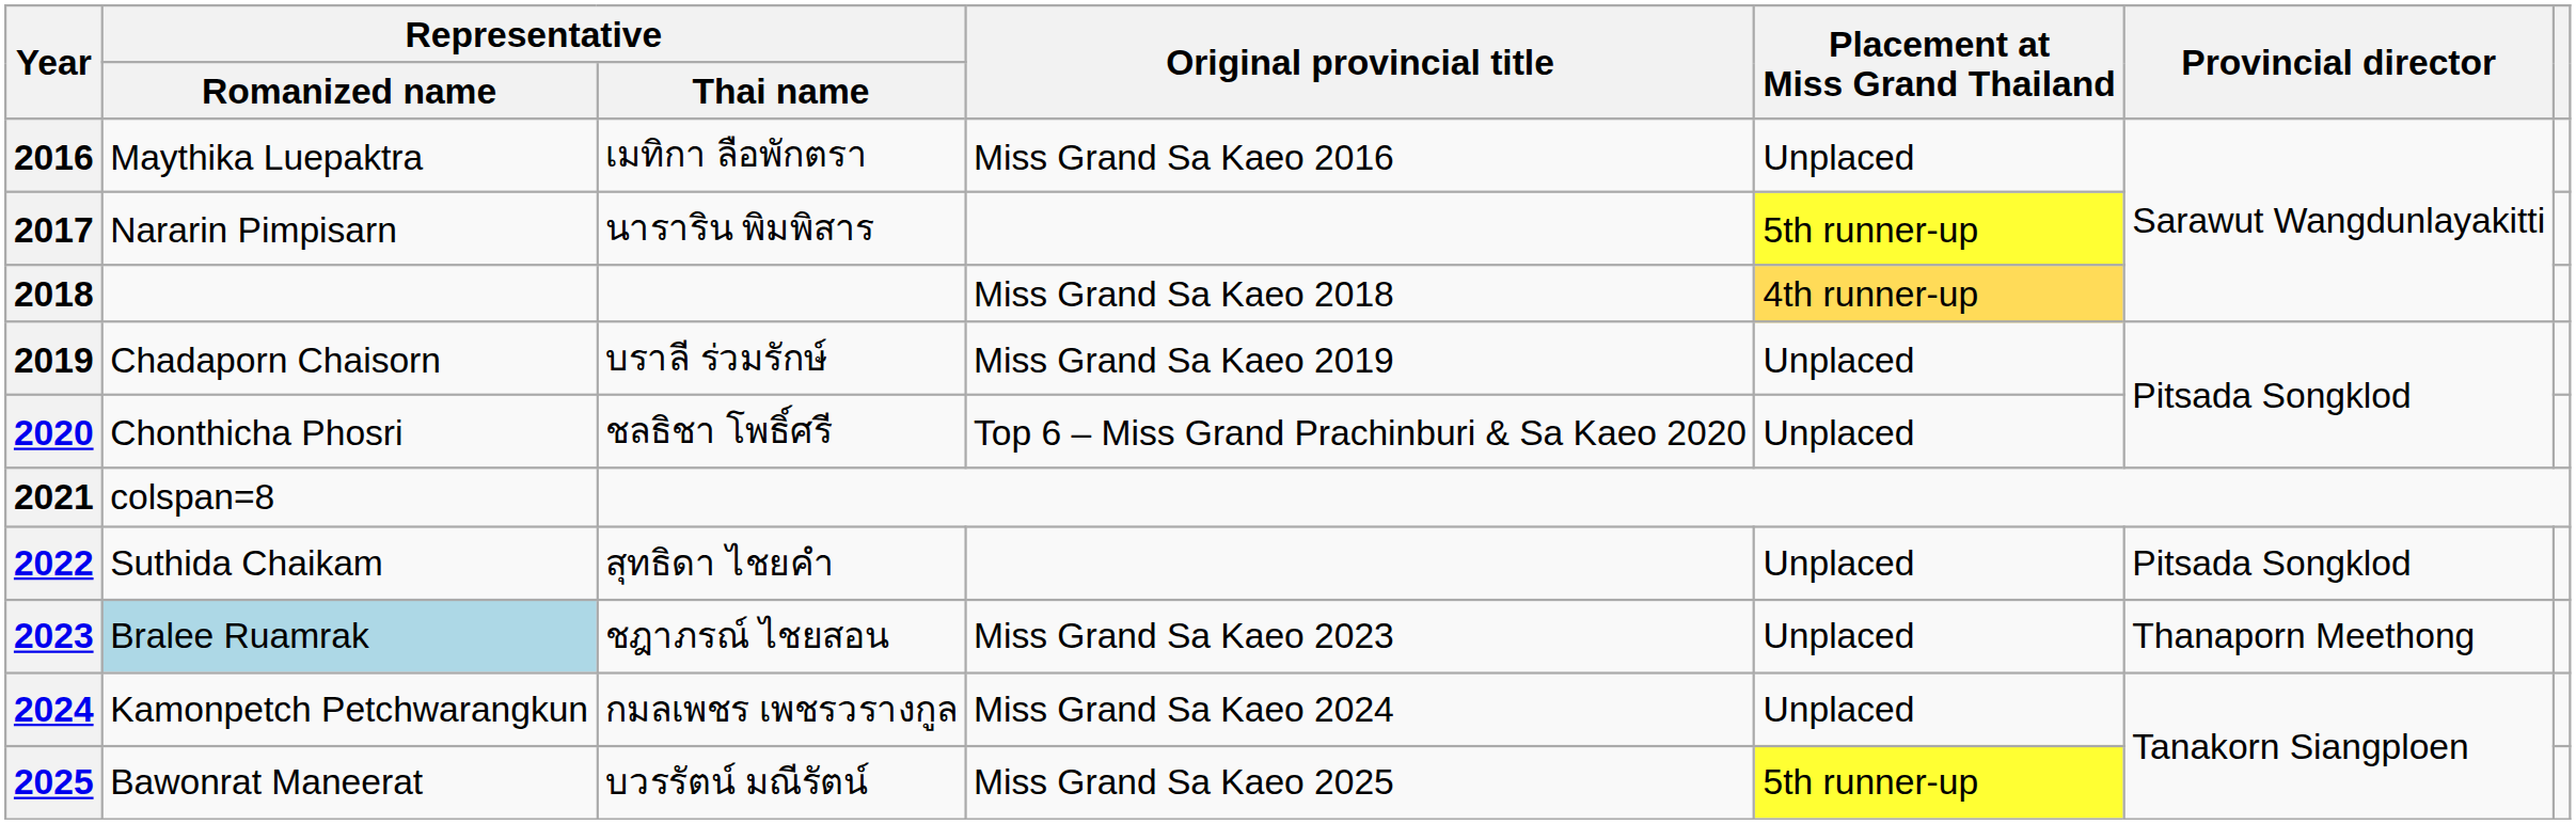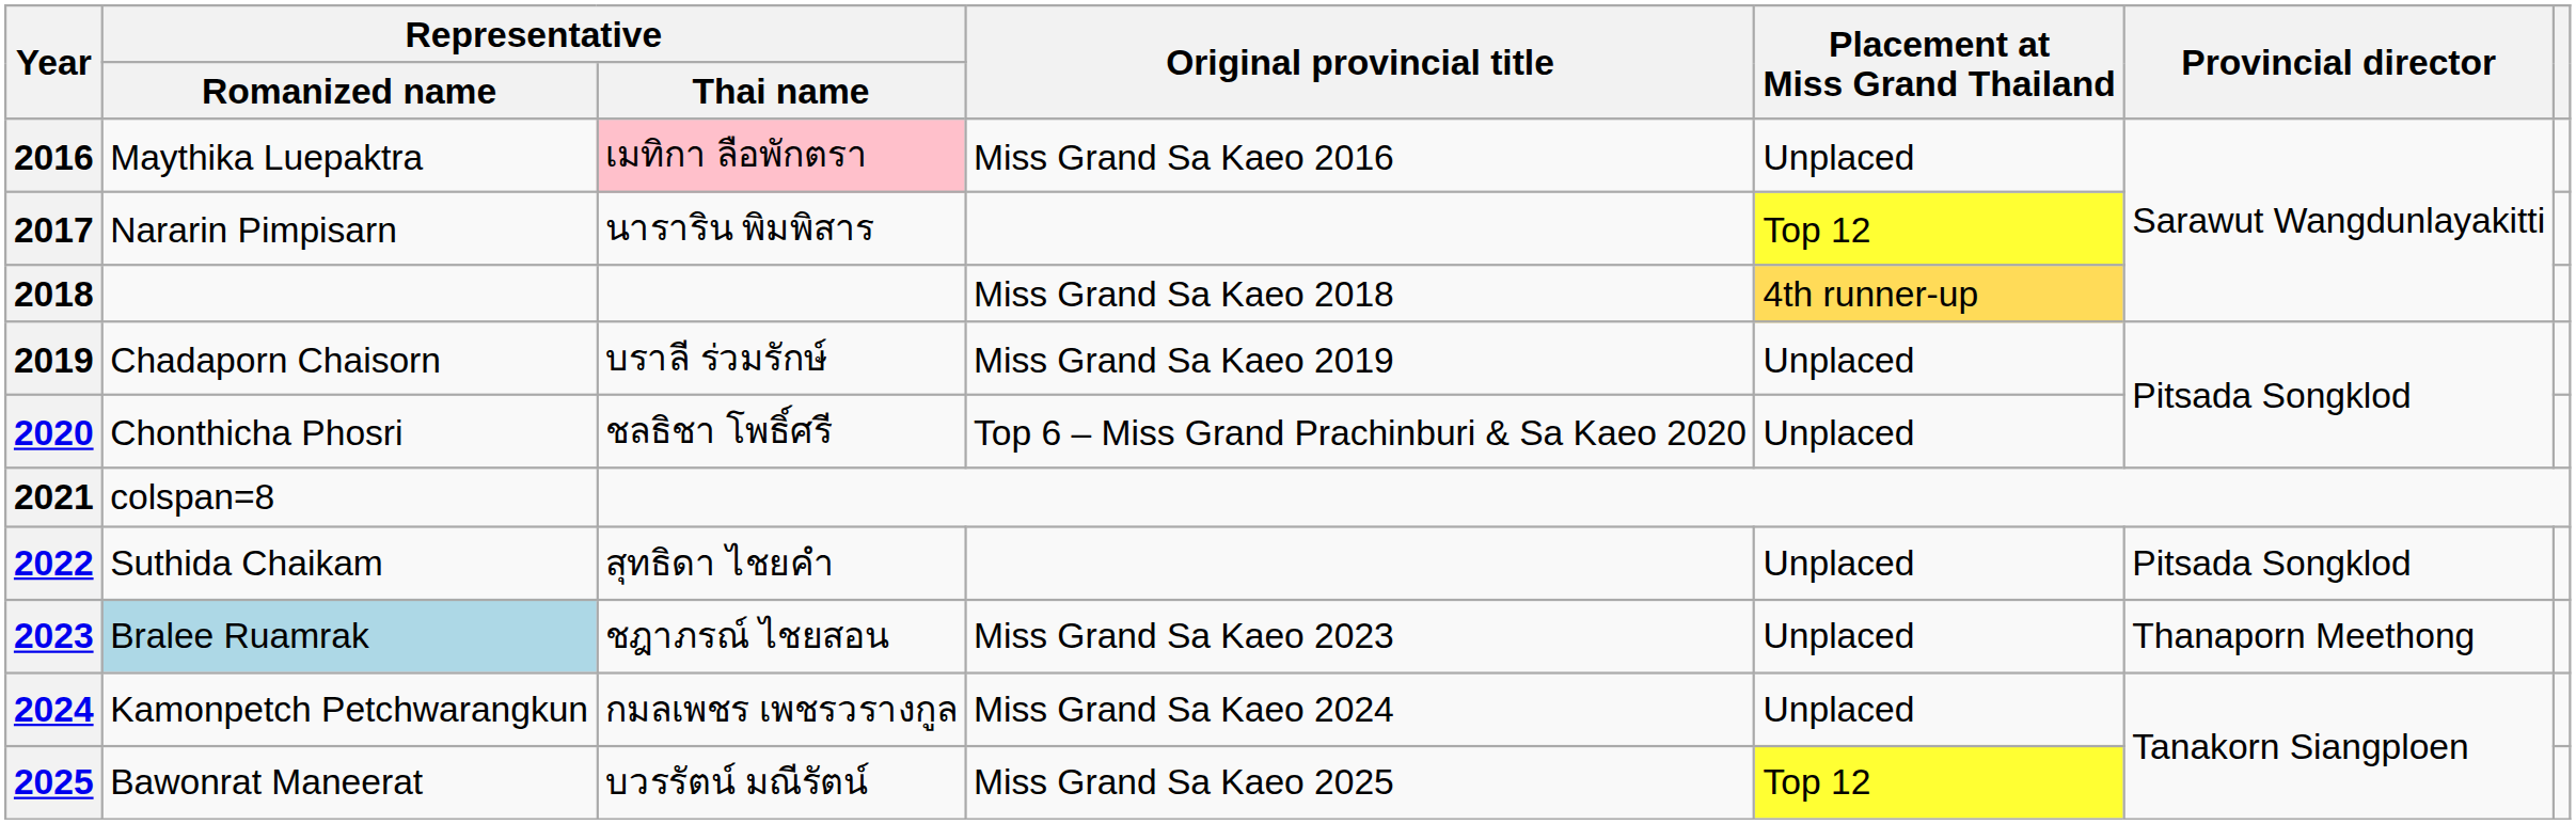 <table class="wikitable defaultcenter col2left col3left col6left" style="font-size:95%;">
 <tr>
 <th rowspan=2>Year</th>
 <th colspan=2>Representative</th>
 <th rowspan=2>Original provincial title</th>
 <th rowspan=2>Placement at<br>Miss Grand Thailand</th>
 <th rowspan=2>Provincial director</th>
 <th rowspan=2></th>
 </tr>
 <tr>
 <th>Romanized name</th>
 <th>Thai name</th>
 </tr>
 <tr>
 <th>2016</th>
 <td>Maythika Luepaktra</td>
-<td>เมทิกา ลือพักตรา</td>
+<td style="background: pink;">เมทิกา ลือพักตรา</td>
 <td>Miss Grand Sa Kaeo 2016</td>
 <td>Unplaced</td>
 <td rowspan=3>Sarawut Wangdunlayakitti</td>
 <td></td>
 </tr>
 <tr>
 <th>2017</th>
 <td>Nararin Pimpisarn</td>
 <td>นาราริน พิมพิสาร</td>
 <td></td>
-<td bgcolor=#FFFF33>5th runner-up</td>
+<td bgcolor=#FFFF33>Top 12</td>
 <td></td>
 </tr>
 <tr>
 <th>2018</th>
 <td></td>
 <td></td>
 <td>Miss Grand Sa Kaeo 2018</td>
 <td bgcolor=#FFDB58>4th runner-up</td>
 <td></td>
 </tr>
 <tr>
 <th>2019</th>
 <td>Chadaporn Chaisorn</td>
 <td>บราลี ร่วมรักษ์</td>
 <td>Miss Grand Sa Kaeo 2019</td>
 <td>Unplaced</td>
 <td rowspan=2>Pitsada Songklod</td>
 <td></td>
 </tr>
 <tr>
 <th><a href='#'>2020</a></th>
 <td>Chonthicha Phosri</td>
 <td>ชลธิชา โพธิ์ศรี</td>
 <td>Top 6 – Miss Grand Prachinburi & Sa Kaeo 2020</td>
 <td>Unplaced</td>
 <td></td>
 </tr>
 <tr>
 <th>2021</th>
 <td>colspan=8 </td>
 </tr>
 <tr>
 <th><a href='#'>2022</a></th>
 <td>Suthida Chaikam</td>
 <td>สุทธิดา ไชยคำ</td>
 <td></td>
 <td>Unplaced</td>
 <td>Pitsada Songklod</td>
 <td></td>
 </tr>
 <tr>
 <th><a href='#'>2023</a></th>
 <td style="background: lightblue;">Bralee Ruamrak</td>
 <td>ชฎาภรณ์ ไชยสอน</td>
 <td>Miss Grand Sa Kaeo 2023</td>
 <td>Unplaced</td>
 <td>Thanaporn Meethong</td>
 <td></td>
 </tr>
 <tr>
 <th><a href='#'>2024</a></th>
 <td>Kamonpetch Petchwarangkun</td>
 <td>กมลเพชร เพชรวรางกูล</td>
 <td>Miss Grand Sa Kaeo 2024</td>
 <td>Unplaced</td>
 <td rowspan=2>Tanakorn Siangploen</td>
 <td></td>
 </tr>
 <tr>
 <th><a href='#'>2025</a></th>
 <td>Bawonrat Maneerat</td>
 <td>บวรรัตน์ มณีรัตน์</td>
 <td>Miss Grand Sa Kaeo 2025</td>
-<td bgcolor=#FFFF33>5th runner-up</td>
+<td bgcolor=#FFFF33>Top 12</td>
 <td></td>
 </tr>
 </table>
